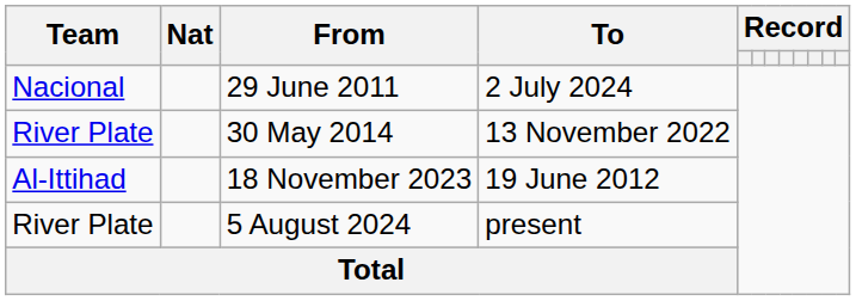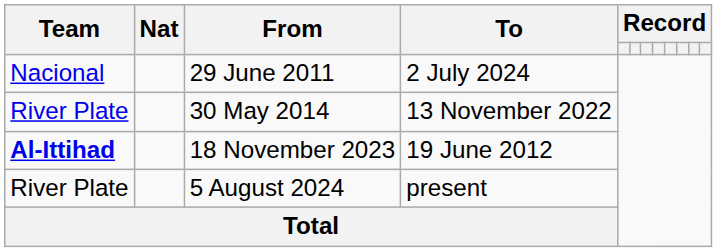 <table class="wikitable" style="text-align: center">
 <tr>
 <th rowspan="2">Team</th>
 <th rowspan="2">Nat</th>
 <th rowspan="2">From</th>
 <th rowspan="2">To</th>
 <th colspan="8">Record</th>
 </tr>
 <tr>
 <th></th>
 <th></th>
 <th></th>
 <th></th>
 <th></th>
 <th></th>
 <th></th>
 <th></th>
 </tr>
 <tr>
 <td align=left><a href='#'>Nacional</a></td>
 <td></td>
 <td align=left>29 June 2011</td>
 <td align=left>2 July 2024<br></td>
 </tr>
 <tr>
 <td align=left><a href='#'>River Plate</a></td>
 <td></td>
 <td align=left>30 May 2014</td>
 <td align=left>13 November 2022<br></td>
 </tr>
 <tr>
-<td align=left><a href='#'>Al-Ittihad</a></td>
+<td align=left><strong><a href='#'>Al-Ittihad</a></strong></td>
 <td></td>
 <td align=left>18 November 2023</td>
 <td align=left>19 June 2012<br></td>
 </tr>
 <tr>
 <td align=left>River Plate</td>
 <td></td>
 <td align=left>5 August 2024</td>
 <td align=left>present<br></td>
 </tr>
 <tr>
 <th colspan="4">Total<br></th>
 </tr>
 </table>
